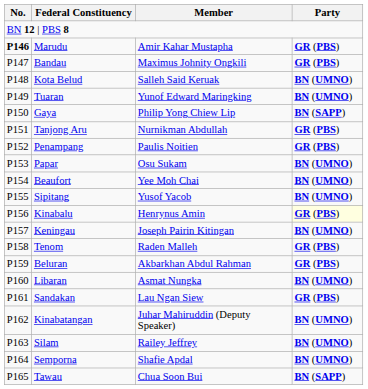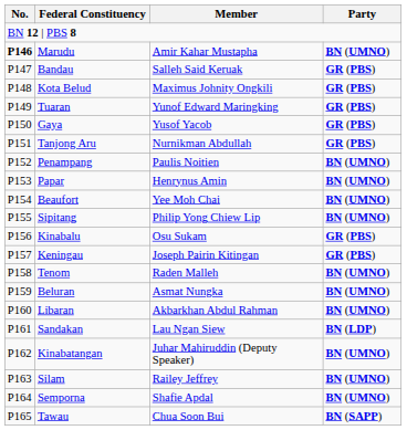 <table class="wikitable sortable">
 <tr>
 <th style="width:30px;">No.</th>
 <th style="width:150px;">Federal Constituency</th>
 <th style="width:230px;">Member</th>
 <th style="width:100px;">Party</th>
 </tr>
 <tr>
 <td colspan="4"><a href='#'>BN</a> <strong>12</strong> | <a href='#'>PBS</a> <strong>8</strong></td>
 </tr>
 <tr>
 <td><strong>P146</strong></td>
 <td><a href='#'>Marudu</a></td>
 <td><a href='#'>Amir Kahar Mustapha</a></td>
-<td><strong><a href='#'>GR</a></strong> (<strong><a href='#'>PBS</a></strong>)</td>
+<td><strong><a href='#'>BN</a></strong> (<strong><a href='#'>UMNO</a></strong>)</td>
 </tr>
 <tr>
 <td>P147</td>
 <td><a href='#'>Bandau</a></td>
-<td><a href='#'>Maximus Johnity Ongkili</a></td>
+<td><a href='#'>Salleh Said Keruak</a></td>
 <td><strong><a href='#'>GR</a></strong> (<strong><a href='#'>PBS</a></strong>)</td>
 </tr>
 <tr>
 <td>P148</td>
 <td><a href='#'>Kota Belud</a></td>
-<td><a href='#'>Salleh Said Keruak</a></td>
-<td><strong><a href='#'>BN</a></strong> (<strong><a href='#'>UMNO</a></strong>)</td>
+<td><a href='#'>Maximus Johnity Ongkili</a></td>
+<td><strong><a href='#'>GR</a></strong> (<strong><a href='#'>PBS</a></strong>)</td>
 </tr>
 <tr>
 <td>P149</td>
 <td><a href='#'>Tuaran</a></td>
 <td><a href='#'>Yunof Edward Maringking</a></td>
-<td><strong><a href='#'>BN</a></strong> (<strong><a href='#'>UMNO</a></strong>)</td>
+<td><strong><a href='#'>GR</a></strong> (<strong><a href='#'>PBS</a></strong>)</td>
 </tr>
 <tr>
 <td>P150</td>
 <td><a href='#'>Gaya</a></td>
-<td><a href='#'>Philip Yong Chiew Lip</a></td>
-<td><strong><a href='#'>BN</a></strong> (<strong><a href='#'>SAPP</a></strong>)</td>
+<td><a href='#'>Yusof Yacob</a></td>
+<td><strong><a href='#'>GR</a></strong> (<strong><a href='#'>PBS</a></strong>)</td>
 </tr>
 <tr>
 <td>P151</td>
 <td><a href='#'>Tanjong Aru</a></td>
 <td><a href='#'>Nurnikman Abdullah</a></td>
 <td><strong><a href='#'>GR</a></strong> (<strong><a href='#'>PBS</a></strong>)</td>
 </tr>
 <tr>
 <td>P152</td>
 <td><a href='#'>Penampang</a></td>
 <td><a href='#'>Paulis Noitien</a></td>
-<td><strong><a href='#'>GR</a></strong> (<strong><a href='#'>PBS</a></strong>)</td>
+<td><strong><a href='#'>BN</a></strong> (<strong><a href='#'>UMNO</a></strong>)</td>
 </tr>
 <tr>
 <td>P153</td>
 <td><a href='#'>Papar</a></td>
-<td><a href='#'>Osu Sukam</a></td>
+<td><a href='#'>Henrynus Amin</a></td>
 <td><strong><a href='#'>BN</a></strong> (<strong><a href='#'>UMNO</a></strong>)</td>
 </tr>
 <tr>
 <td>P154</td>
 <td><a href='#'>Beaufort</a></td>
 <td><a href='#'>Yee Moh Chai</a></td>
 <td><strong><a href='#'>BN</a></strong> (<strong><a href='#'>UMNO</a></strong>)</td>
 </tr>
 <tr>
 <td>P155</td>
 <td><a href='#'>Sipitang</a></td>
-<td><a href='#'>Yusof Yacob</a></td>
+<td><a href='#'>Philip Yong Chiew Lip</a></td>
 <td><strong><a href='#'>BN</a></strong> (<strong><a href='#'>UMNO</a></strong>)</td>
 </tr>
 <tr>
 <td>P156</td>
 <td><a href='#'>Kinabalu</a></td>
-<td><a href='#'>Henrynus Amin</a></td>
-<td style="background: lightyellow;"><strong><a href='#'>GR</a></strong> (<strong><a href='#'>PBS</a></strong>)</td>
+<td><a href='#'>Osu Sukam</a></td>
+<td><strong><a href='#'>GR</a></strong> (<strong><a href='#'>PBS</a></strong>)</td>
 </tr>
 <tr>
 <td>P157</td>
 <td><a href='#'>Keningau</a></td>
 <td><a href='#'>Joseph Pairin Kitingan</a></td>
-<td><strong><a href='#'>BN</a></strong> (<strong><a href='#'>UMNO</a></strong>)</td>
+<td><strong><a href='#'>GR</a></strong> (<strong><a href='#'>PBS</a></strong>)</td>
 </tr>
 <tr>
 <td>P158</td>
 <td><a href='#'>Tenom</a></td>
 <td><a href='#'>Raden Malleh</a></td>
-<td><strong><a href='#'>GR</a></strong> (<strong><a href='#'>PBS</a></strong>)</td>
+<td><strong><a href='#'>BN</a></strong> (<strong><a href='#'>UMNO</a></strong>)</td>
 </tr>
 <tr>
 <td>P159</td>
 <td><a href='#'>Beluran</a></td>
-<td><a href='#'>Akbarkhan Abdul Rahman</a></td>
-<td><strong><a href='#'>GR</a></strong> (<strong><a href='#'>PBS</a></strong>)</td>
+<td><a href='#'>Asmat Nungka</a></td>
+<td><strong><a href='#'>BN</a></strong> (<strong><a href='#'>UMNO</a></strong>)</td>
 </tr>
 <tr>
 <td>P160</td>
 <td><a href='#'>Libaran</a></td>
-<td><a href='#'>Asmat Nungka</a></td>
+<td><a href='#'>Akbarkhan Abdul Rahman</a></td>
 <td><strong><a href='#'>BN</a></strong> (<strong><a href='#'>UMNO</a></strong>)</td>
 </tr>
 <tr>
 <td>P161</td>
 <td><a href='#'>Sandakan</a></td>
 <td><a href='#'>Lau Ngan Siew</a></td>
-<td><strong><a href='#'>GR</a></strong> (<strong><a href='#'>PBS</a></strong>)</td>
+<td><strong><a href='#'>BN</a></strong> (<strong><a href='#'>LDP</a></strong>)</td>
 </tr>
 <tr>
 <td>P162</td>
 <td><a href='#'>Kinabatangan</a></td>
 <td><a href='#'>Juhar Mahiruddin</a> (Deputy Speaker)</td>
 <td><strong><a href='#'>BN</a></strong> (<strong><a href='#'>UMNO</a></strong>)</td>
 </tr>
 <tr>
 <td>P163</td>
 <td><a href='#'>Silam</a></td>
 <td><a href='#'>Railey Jeffrey</a></td>
 <td><strong><a href='#'>BN</a></strong> (<strong><a href='#'>UMNO</a></strong>)</td>
 </tr>
 <tr>
 <td>P164</td>
 <td><a href='#'>Semporna</a></td>
 <td><a href='#'>Shafie Apdal</a></td>
 <td><strong><a href='#'>BN</a></strong> (<strong><a href='#'>UMNO</a></strong>)</td>
 </tr>
 <tr>
 <td>P165</td>
 <td><a href='#'>Tawau</a></td>
 <td><a href='#'>Chua Soon Bui</a></td>
 <td><strong><a href='#'>BN</a></strong> (<strong><a href='#'>SAPP</a></strong>)</td>
 </tr>
 </table>
